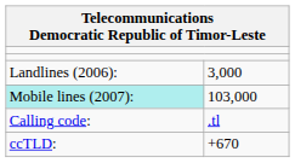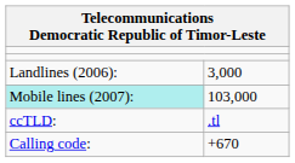 <table class="wikitable" border="1" width="300" align="right">
 <tr>
 <th colspan="2" align="center">Telecommunications <br>Democratic Republic of Timor-Leste</th>
 </tr>
 <tr>
 <td colspan="2" align="center"></td>
 </tr>
 <tr>
 <td colspan="2" align="center"></td>
 </tr>
 <tr>
 <td> Landlines (2006):</td>
 <td>3,000</td>
 </tr>
 <tr>
 <td style="background: paleturquoise;"> Mobile lines (2007):</td>
 <td>103,000</td>
 </tr>
 <tr>
-<td><a href='#'>Calling code</a>:</td>
+<td><a href='#'>ccTLD</a>:</td>
 <td><a href='#'>.tl</a></td>
 </tr>
 <tr>
-<td><a href='#'>ccTLD</a>:</td>
+<td><a href='#'>Calling code</a>:</td>
 <td>+670</td>
 </tr>
 </table>
